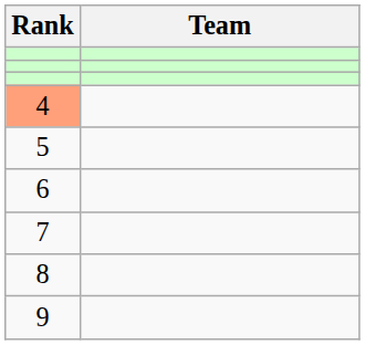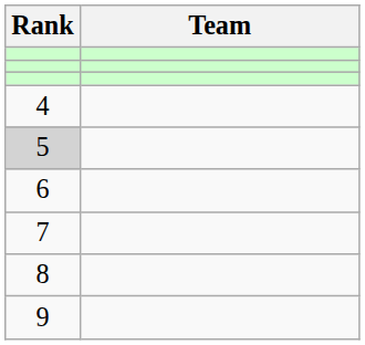 <table class=wikitable style="text-align:center;">
 <tr>
 <th>Rank</th>
 <th width=160>Team</th>
 </tr>
 <tr bgcolor=#CCFFCC>
 <td></td>
 <td align=left></td>
 </tr>
 <tr bgcolor=#CCFFCC>
 <td></td>
 <td align=left></td>
 </tr>
 <tr bgcolor=#CCFFCC>
 <td></td>
 <td align=left></td>
 </tr>
 <tr>
-<td style="background: lightsalmon;">4</td>
+<td>4</td>
 <td align=left></td>
 </tr>
 <tr>
-<td>5</td>
+<td style="background: lightgrey;">5</td>
 <td align=left></td>
 </tr>
 <tr>
 <td>6</td>
 <td align=left></td>
 </tr>
 <tr>
 <td>7</td>
 <td align=left></td>
 </tr>
 <tr>
 <td>8</td>
 <td align=left></td>
 </tr>
 <tr>
 <td>9</td>
 <td align=left></td>
 </tr>
 </table>
